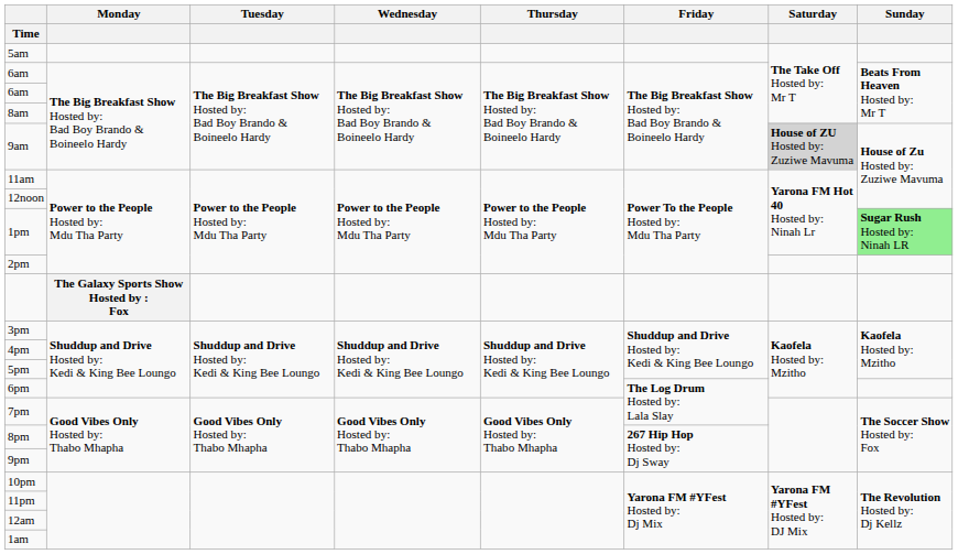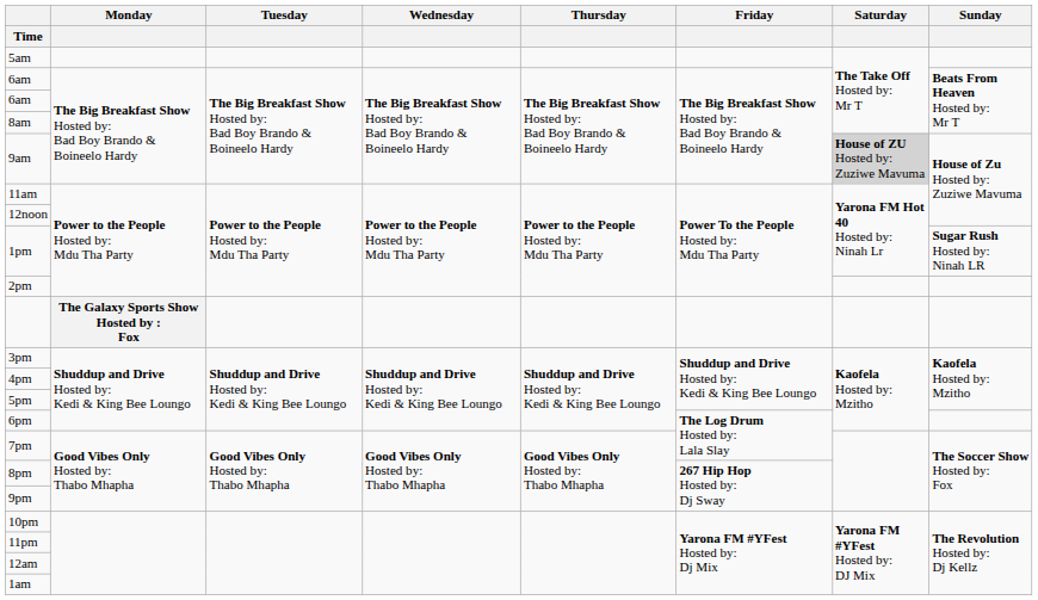 <table class="wikitable">
 <tr>
 <th></th>
 <th>Monday</th>
 <th>Tuesday</th>
 <th>Wednesday</th>
 <th>Thursday</th>
 <th>Friday</th>
 <th>Saturday</th>
 <th>Sunday</th>
 </tr>
 <tr>
 <th>Time</th>
 <th></th>
 <th></th>
 <th></th>
 <th></th>
 <th></th>
 <th></th>
 <th></th>
 </tr>
 <tr>
 <td>5am</td>
 <td></td>
 <td></td>
 <td></td>
 <td></td>
 <td></td>
 <td rowspan="4"><strong>The Take Off</strong><br>Hosted by:<br>Mr T</td>
 <td></td>
 </tr>
 <tr>
 <td>6am</td>
 <td rowspan="4"><br><strong>The Big Breakfast Show</strong><br>Hosted by:<br>Bad Boy Brando & Boineelo Hardy</td>
 <td rowspan="4"><strong>The Big Breakfast Show</strong><br>Hosted by:<br>Bad Boy Brando & Boineelo Hardy</td>
 <td rowspan="4"><strong>The Big Breakfast Show</strong><br>Hosted by:<br>Bad Boy Brando & Boineelo Hardy</td>
 <td rowspan="4"><strong>The Big Breakfast Show</strong><br>Hosted by:<br>Bad Boy Brando & Boineelo Hardy</td>
 <td rowspan="4"><strong>The Big Breakfast Show</strong><br>Hosted by:<br>Bad Boy Brando & Boineelo Hardy</td>
 <td rowspan="3"><strong>Beats From Heaven</strong><br>Hosted by:<br>Mr T</td>
 </tr>
 <tr>
 <td>6am</td>
 </tr>
 <tr>
 <td>8am</td>
 </tr>
 <tr>
 <td>9am</td>
 <td style="background: lightgrey;"><strong>House of ZU</strong><br>Hosted by:<br>Zuziwe Mavuma</td>
 <td rowspan="3"><strong>House of Zu</strong><br>Hosted by:<br>Zuziwe Mavuma</td>
 </tr>
 <tr>
 <td>11am</td>
 <td rowspan="4"><strong>Power to the People</strong><br>Hosted by:<br>Mdu Tha Party</td>
 <td rowspan="4"><strong>Power to the People</strong><br>Hosted by:<br>Mdu Tha Party</td>
 <td rowspan="4"><strong>Power to the People</strong><br>Hosted by:<br>Mdu Tha Party</td>
 <td rowspan="4"><strong>Power to the People</strong><br>Hosted by:<br>Mdu Tha Party</td>
 <td rowspan="4"><strong>Power To the People</strong><br>Hosted by:<br>Mdu Tha Party</td>
 <td rowspan="3"><strong>Yarona FM Hot 40</strong><br>Hosted by:<br>Ninah Lr</td>
 </tr>
 <tr>
 <td>12noon</td>
 </tr>
 <tr>
 <td>1pm</td>
-<td style="background: lightgreen;"><strong>Sugar Rush</strong><br>Hosted by:<br>Ninah LR</td>
+<td><strong>Sugar Rush</strong><br>Hosted by:<br>Ninah LR</td>
 </tr>
 <tr>
 <td>2pm</td>
 <td></td>
 <td></td>
 </tr>
 <tr>
 <td></td>
 <th>The Galaxy Sports Show<br>Hosted by :<br>Fox</th>
 <td></td>
 <td></td>
 <td></td>
 <td></td>
 <td></td>
 <td></td>
 </tr>
 <tr>
 <td>3pm</td>
 <td rowspan="4"><strong>Shuddup and Drive</strong><br>Hosted by:<br>Kedi & King Bee Loungo</td>
 <td rowspan="4"><strong>Shuddup and Drive</strong><br>Hosted by:<br>Kedi & King Bee Loungo</td>
 <td rowspan="4"><strong>Shuddup and Drive</strong><br>Hosted by:<br>Kedi & King Bee Loungo</td>
 <td rowspan="4"><strong>Shuddup and Drive</strong><br>Hosted by:<br>Kedi & King Bee Loungo</td>
 <td rowspan="3"><strong>Shuddup and Drive</strong><br>Hosted by:<br>Kedi & King Bee Loungo</td>
 <td rowspan="4"><strong>Kaofela</strong><br>Hosted by:<br>Mzitho</td>
 <td rowspan="3"><strong>Kaofela</strong><br>Hosted by:<br>Mzitho</td>
 </tr>
 <tr>
 <td>4pm</td>
 </tr>
 <tr>
 <td>5pm</td>
 </tr>
 <tr>
 <td>6pm</td>
 <td rowspan="2"><strong>The Log Drum</strong><br>Hosted by:<br>Lala Slay</td>
 <td></td>
 </tr>
 <tr>
 <td>7pm</td>
 <td rowspan="3"><strong>Good Vibes Only</strong><br>Hosted by:<br>Thabo Mhapha</td>
 <td rowspan="3"><strong>Good Vibes Only</strong><br>Hosted by:<br>Thabo Mhapha</td>
 <td rowspan="3"><strong>Good Vibes Only</strong><br>Hosted by:<br>Thabo Mhapha</td>
 <td rowspan="3"><strong>Good Vibes Only</strong><br>Hosted by:<br>Thabo Mhapha</td>
 <td rowspan="3"></td>
 <td rowspan="3"><strong>The Soccer Show</strong><br>Hosted by:<br>Fox</td>
 </tr>
 <tr>
 <td>8pm</td>
 <td rowspan="2"><strong>267 Hip Hop</strong><br>Hosted by:<br>Dj Sway</td>
 </tr>
 <tr>
 <td>9pm</td>
 </tr>
 <tr>
 <td>10pm</td>
 <td rowspan="4"></td>
 <td rowspan="4"></td>
 <td rowspan="4"></td>
 <td rowspan="4"></td>
 <td rowspan="4"><strong>Yarona FM #YFest</strong><br>Hosted by:<br>Dj Mix</td>
 <td rowspan="4"><strong>Yarona FM #YFest</strong><br>Hosted by:<br>DJ Mix</td>
 <td rowspan="4"><strong>The Revolution</strong><br>Hosted by:<br>Dj Kellz</td>
 </tr>
 <tr>
 <td>11pm</td>
 </tr>
 <tr>
 <td>12am</td>
 </tr>
 <tr>
 <td>1am</td>
 </tr>
 </table>
